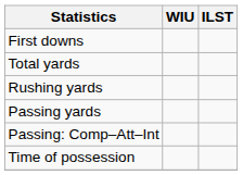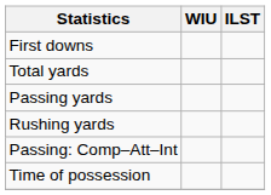 <table class="wikitable" style="float: left;">
 <tr>
 <th>Statistics</th>
 <th>WIU</th>
 <th>ILST</th>
 </tr>
 <tr>
 <td>First downs</td>
 <td></td>
 <td></td>
 </tr>
 <tr>
 <td>Total yards</td>
 <td></td>
 <td></td>
 </tr>
 <tr>
-<td>Rushing yards</td>
+<td>Passing yards</td>
 <td></td>
 <td></td>
 </tr>
 <tr>
-<td>Passing yards</td>
+<td>Rushing yards</td>
 <td></td>
 <td></td>
 </tr>
 <tr>
 <td>Passing: Comp–Att–Int</td>
 <td></td>
 <td></td>
 </tr>
 <tr>
 <td>Time of possession</td>
 <td></td>
 <td></td>
 </tr>
 <tr>
 </tr>
 </table>
